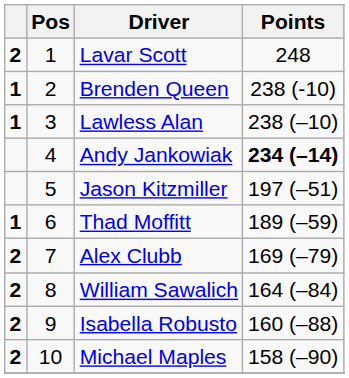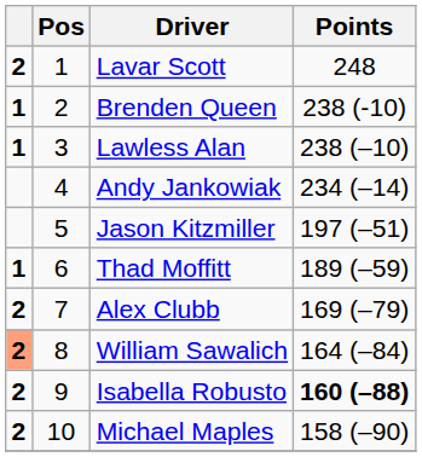 <table class="wikitable" style="font-size: 95%;">
 <tr>
 <th></th>
 <th>Pos</th>
 <th>Driver</th>
 <th>Points</th>
 </tr>
 <tr>
 <td align="left"> <strong>2</strong></td>
 <td style="text-align:center;">1</td>
 <td><a href='#'>Lavar Scott</a></td>
 <td style="text-align:center;">248</td>
 </tr>
 <tr>
 <td align="left"> <strong>1</strong></td>
 <td style="text-align:center;">2</td>
 <td><a href='#'>Brenden Queen</a></td>
 <td style="text-align:center;">238 (-10)</td>
 </tr>
 <tr>
 <td align="left"> <strong>1</strong></td>
 <td style="text-align:center;">3</td>
 <td><a href='#'>Lawless Alan</a></td>
 <td style="text-align:center;">238 (–10)</td>
 </tr>
 <tr>
 <td align="left"></td>
 <td style="text-align:center;">4</td>
 <td><a href='#'>Andy Jankowiak</a></td>
-<td style="text-align:center;"><strong>234 (–14)</strong></td>
+<td style="text-align:center;">234 (–14)</td>
 </tr>
 <tr>
 <td align="left"></td>
 <td style="text-align:center;">5</td>
 <td><a href='#'>Jason Kitzmiller</a></td>
 <td style="text-align:center;">197 (–51)</td>
 </tr>
 <tr>
 <td align="left"> <strong>1</strong></td>
 <td style="text-align:center;">6</td>
 <td><a href='#'>Thad Moffitt</a></td>
 <td style="text-align:center;">189 (–59)</td>
 </tr>
 <tr>
 <td align="left"> <strong>2</strong></td>
 <td style="text-align:center;">7</td>
 <td><a href='#'>Alex Clubb</a></td>
 <td style="text-align:center;">169 (–79)</td>
 </tr>
 <tr>
-<td align="left"> <strong>2</strong></td>
+<td align="left" style="background: lightsalmon;"> <strong>2</strong></td>
 <td style="text-align:center;">8</td>
 <td><a href='#'>William Sawalich</a></td>
 <td style="text-align:center;">164 (–84)</td>
 </tr>
 <tr>
 <td align="left"> <strong>2</strong></td>
 <td style="text-align:center;">9</td>
 <td><a href='#'>Isabella Robusto</a></td>
-<td style="text-align:center;">160 (–88)</td>
+<td style="text-align:center;"><strong>160 (–88)</strong></td>
 </tr>
 <tr>
 <td align="left"> <strong>2</strong></td>
 <td style="text-align:center;">10</td>
 <td><a href='#'>Michael Maples</a></td>
 <td style="text-align:center;">158 (–90)</td>
 </tr>
 <tr class="sortbottom">
 </tr>
 </table>
